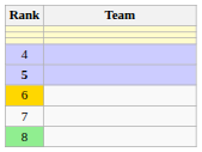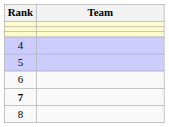 <table class="wikitable" style="text-align: center;">
 <tr>
 <th width=40>Rank</th>
 <th width=180>Team</th>
 </tr>
 <tr bgcolor=fffccc>
 <td></td>
 <td align=left></td>
 </tr>
 <tr bgcolor=fffccc>
 <td></td>
 <td align=left></td>
 </tr>
 <tr bgcolor=fffccc>
 <td></td>
 <td align=left></td>
 </tr>
 <tr bgcolor=ccccff>
 <td>4</td>
 <td align=left></td>
 </tr>
 <tr bgcolor=ccccff>
-<td><strong>5</strong></td>
+<td>5</td>
 <td align=left></td>
 </tr>
 <tr>
-<td style="background: gold;">6</td>
+<td>6</td>
 <td align=left></td>
 </tr>
 <tr>
-<td>7</td>
+<td><strong>7</strong></td>
 <td align=left></td>
 </tr>
 <tr>
-<td style="background: lightgreen;">8</td>
+<td>8</td>
 <td align=left></td>
 </tr>
 </table>
